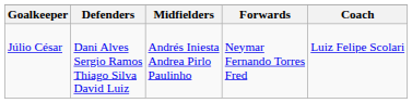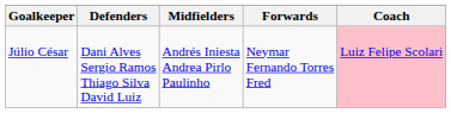 <table class="wikitable">
 <tr>
 </tr>
 <tr>
 <th>Goalkeeper</th>
 <th>Defenders</th>
 <th>Midfielders</th>
 <th>Forwards</th>
 <th>Coach</th>
 </tr>
 <tr>
 <td valign=top><br> <a href='#'>Júlio César</a></td>
 <td valign=top><br> <a href='#'>Dani Alves</a><br>  <a href='#'>Sergio Ramos</a><br>  <a href='#'>Thiago Silva</a><br>  <a href='#'>David Luiz</a></td>
 <td valign=top><br> <a href='#'>Andrés Iniesta</a><br>  <a href='#'>Andrea Pirlo</a><br>  <a href='#'>Paulinho</a></td>
 <td valign=top><br> <a href='#'>Neymar</a><br>  <a href='#'>Fernando Torres</a><br>  <a href='#'>Fred</a></td>
-<td valign=top><br> <a href='#'>Luiz Felipe Scolari</a></td>
+<td valign=top style="background: pink;"><br> <a href='#'>Luiz Felipe Scolari</a></td>
 </tr>
 </table>
